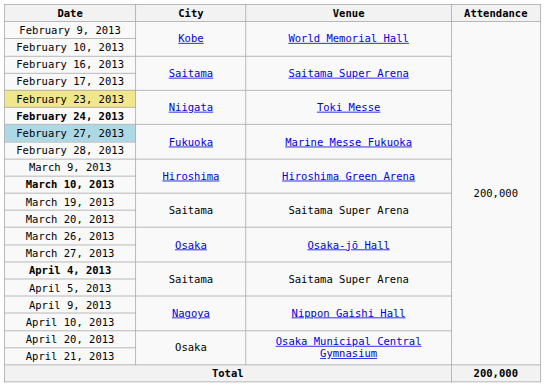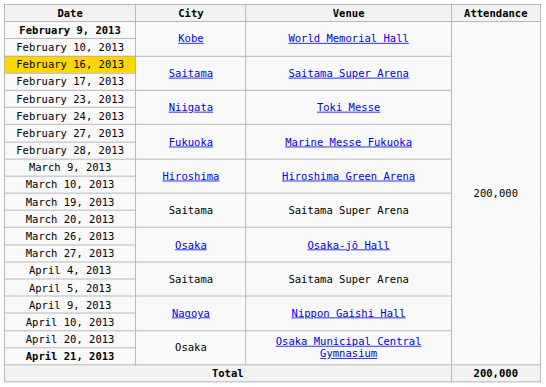 <table class="wikitable plainrowheaders" style="text-align:center;">
 <tr>
 <th scope="col" style="width:12em;">Date</th>
 <th scope="col" style="width:10em;">City</th>
 <th scope="col" style="width:19em;">Venue</th>
 <th scope="col" style="width:8em;">Attendance</th>
 </tr>
 <tr>
-<td>February 9, 2013</td>
+<td><strong>February 9, 2013</strong></td>
 <td rowspan="2"><a href='#'>Kobe</a></td>
 <td rowspan="2"><a href='#'>World Memorial Hall</a></td>
 <td rowspan="20">200,000</td>
 </tr>
 <tr>
 <td>February 10, 2013</td>
 </tr>
 <tr>
-<td>February 16, 2013</td>
+<td style="background: gold;">February 16, 2013</td>
 <td rowspan="2"><a href='#'>Saitama</a></td>
 <td rowspan="2"><a href='#'>Saitama Super Arena</a></td>
 </tr>
 <tr>
 <td>February 17, 2013</td>
 </tr>
 <tr>
-<td style="background: khaki;">February 23, 2013</td>
+<td>February 23, 2013</td>
 <td rowspan="2"><a href='#'>Niigata</a></td>
 <td rowspan="2"><a href='#'>Toki Messe</a></td>
 </tr>
 <tr>
-<td><strong>February 24, 2013</strong></td>
+<td>February 24, 2013</td>
 </tr>
 <tr>
-<td style="background: lightblue;">February 27, 2013</td>
+<td>February 27, 2013</td>
 <td rowspan="2"><a href='#'>Fukuoka</a></td>
 <td rowspan="2"><a href='#'>Marine Messe Fukuoka</a></td>
 </tr>
 <tr>
 <td>February 28, 2013</td>
 </tr>
 <tr>
 <td>March 9, 2013</td>
 <td rowspan="2"><a href='#'>Hiroshima</a></td>
 <td rowspan="2"><a href='#'>Hiroshima Green Arena</a></td>
 </tr>
 <tr>
-<td><strong>March 10, 2013</strong></td>
+<td>March 10, 2013</td>
 </tr>
 <tr>
 <td>March 19, 2013</td>
 <td rowspan="2">Saitama</td>
 <td rowspan="2">Saitama Super Arena</td>
 </tr>
 <tr>
 <td>March 20, 2013</td>
 </tr>
 <tr>
 <td>March 26, 2013</td>
 <td rowspan="2"><a href='#'>Osaka</a></td>
 <td rowspan="2"><a href='#'>Osaka-jō Hall</a></td>
 </tr>
 <tr>
 <td>March 27, 2013</td>
 </tr>
 <tr>
-<td><strong>April 4, 2013</strong></td>
+<td>April 4, 2013</td>
 <td rowspan="2">Saitama</td>
 <td rowspan="2">Saitama Super Arena</td>
 </tr>
 <tr>
 <td>April 5, 2013</td>
 </tr>
 <tr>
 <td>April 9, 2013</td>
 <td rowspan="2"><a href='#'>Nagoya</a></td>
 <td rowspan="2"><a href='#'>Nippon Gaishi Hall</a></td>
 </tr>
 <tr>
 <td>April 10, 2013</td>
 </tr>
 <tr>
 <td>April 20, 2013</td>
 <td rowspan="2">Osaka</td>
 <td rowspan="2"><a href='#'>Osaka Municipal Central Gymnasium</a></td>
 </tr>
 <tr>
-<td>April 21, 2013</td>
+<td><strong>April 21, 2013</strong></td>
 </tr>
 <tr>
 <th colspan="3"><strong>Total</strong></th>
 <th>200,000</th>
 </tr>
 </table>
